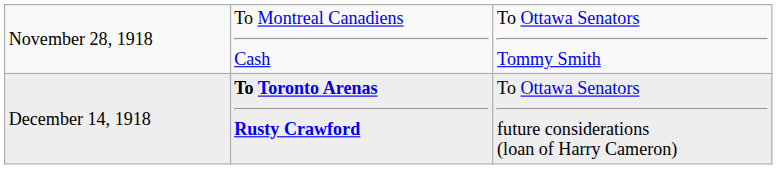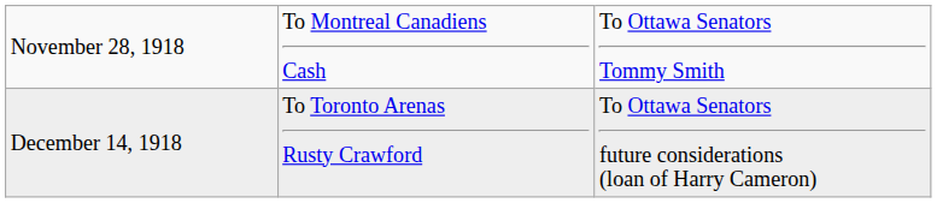 <table class="wikitable" style="border:1px solid #999999; width:680px;">
 <tr>
 <td>November 28, 1918</td>
 <td valign="top">To <a href='#'>Montreal Canadiens</a><hr><a href='#'>Cash</a></td>
 <td valign="top">To <a href='#'>Ottawa Senators</a><hr><a href='#'>Tommy Smith</a></td>
 </tr>
 <tr bgcolor="eeeeee">
 <td>December 14, 1918</td>
-<td valign="top"><strong>To <a href='#'>Toronto Arenas</a><hr><a href='#'>Rusty Crawford</a></strong></td>
+<td valign="top">To <a href='#'>Toronto Arenas</a><hr><a href='#'>Rusty Crawford</a></td>
 <td valign="top">To <a href='#'>Ottawa Senators</a><hr>future considerations<br>(loan of Harry Cameron)</td>
 </tr>
 </table>
